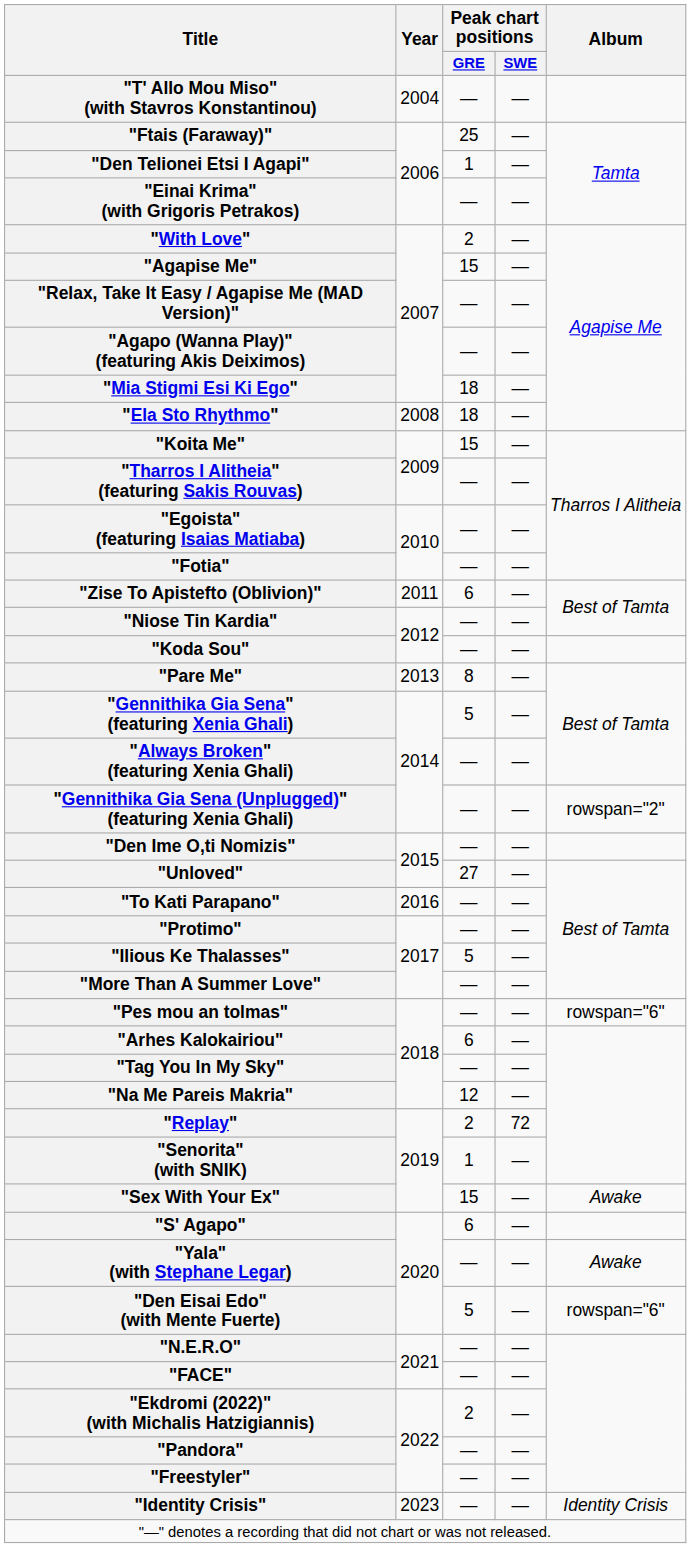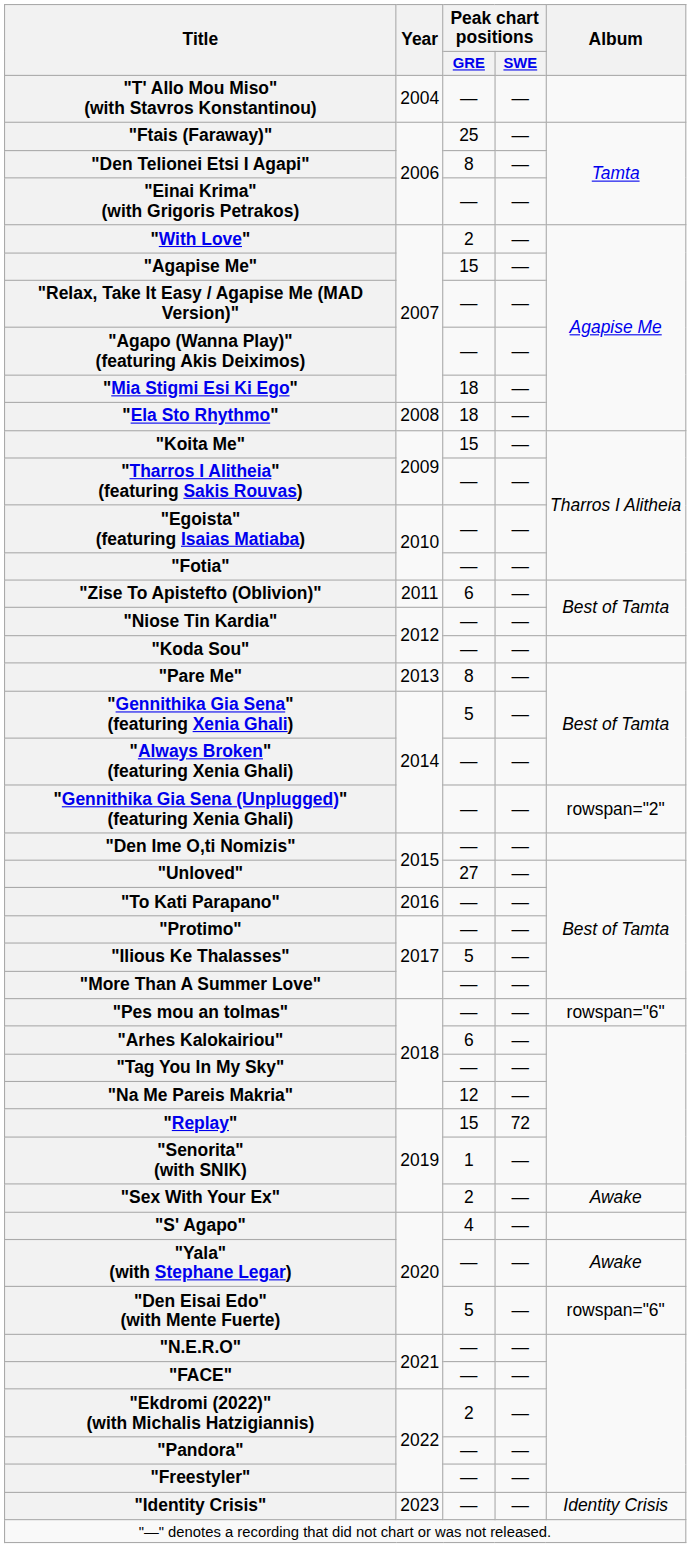 <table class="wikitable plainrowheaders" style="text-align:center">
 <tr>
 <th scope="col" rowspan="2" scope="col" style="width:22em;">Title</th>
 <th scope="col" rowspan="2" style="width:1em;">Year</th>
 <th scope="col" colspan="2">Peak chart positions</th>
 <th scope="col" rowspan="2">Album</th>
 </tr>
 <tr>
 <th scope="col" style="width:3em;font-size:85%;"><a href='#'>GRE</a><br></th>
 <th scope="col" style="width:3em;font-size:85%;"><a href='#'>SWE</a><br></th>
 </tr>
 <tr>
 <th scope="row">"T' Allo Mou Miso"<br><span>(with Stavros Konstantinou)</span></th>
 <td>2004</td>
 <td>—</td>
 <td>—</td>
 <td></td>
 </tr>
 <tr>
 <th scope="row">"Ftais (Faraway)"</th>
 <td rowspan="3">2006</td>
 <td>25</td>
 <td>—</td>
 <td rowspan="3"><em><a href='#'>Tamta</a></em></td>
 </tr>
 <tr>
 <th scope="row">"Den Telionei Etsi I Agapi"</th>
-<td>1</td>
+<td>8</td>
 <td>—</td>
 </tr>
 <tr>
 <th scope="row">"Einai Krima"<br><span>(with Grigoris Petrakos)</span></th>
 <td>—</td>
 <td>—</td>
 </tr>
 <tr>
 <th scope="row">"<a href='#'>With Love</a>"</th>
 <td rowspan="5">2007</td>
 <td>2</td>
 <td>—</td>
 <td rowspan="6"><em><a href='#'>Agapise Me</a></em></td>
 </tr>
 <tr>
 <th scope="row">"Agapise Me"</th>
 <td>15</td>
 <td>—</td>
 </tr>
 <tr>
 <th scope="row">"Relax, Take It Easy / Agapise Me (MAD Version)"</th>
 <td>—</td>
 <td>—</td>
 </tr>
 <tr>
 <th scope="row">"Agapo (Wanna Play)"<br><span>(featuring Akis Deiximos)</span></th>
 <td>—</td>
 <td>—</td>
 </tr>
 <tr>
 <th scope="row">"<a href='#'>Mia Stigmi Esi Ki Ego</a>"</th>
 <td>18</td>
 <td>—</td>
 </tr>
 <tr>
 <th scope="row">"<a href='#'>Ela Sto Rhythmo</a>"</th>
 <td>2008</td>
 <td>18</td>
 <td>—</td>
 </tr>
 <tr>
 <th scope="row">"Koita Me"</th>
 <td rowspan="2">2009</td>
 <td>15</td>
 <td>—</td>
 <td rowspan="4"><em>Tharros I Alitheia</em></td>
 </tr>
 <tr>
 <th scope="row">"<a href='#'>Tharros I Alitheia</a>"<br><span>(featuring <a href='#'>Sakis Rouvas</a>)</span></th>
 <td>—</td>
 <td>—</td>
 </tr>
 <tr>
 <th scope="row">"Egoista"<br><span>(featuring <a href='#'>Isaias Matiaba</a>)</span></th>
 <td rowspan="2">2010</td>
 <td>—</td>
 <td>—</td>
 </tr>
 <tr>
 <th scope="row">"Fotia"</th>
 <td>—</td>
 <td>—</td>
 </tr>
 <tr>
 <th scope="row">"Zise To Apistefto (Oblivion)"</th>
 <td>2011</td>
 <td>6</td>
 <td>—</td>
 <td rowspan="2"><em>Best of Tamta</em></td>
 </tr>
 <tr>
 <th scope="row">"Niose Tin Kardia"</th>
 <td rowspan="2">2012</td>
 <td>—</td>
 <td>—</td>
 </tr>
 <tr>
 <th scope="row">"Koda Sou"</th>
 <td>—</td>
 <td>—</td>
 <td></td>
 </tr>
 <tr>
 <th scope="row">"Pare Me"</th>
 <td>2013</td>
 <td>8</td>
 <td>—</td>
 <td rowspan="3"><em>Best of Tamta</em></td>
 </tr>
 <tr>
 <th scope="row">"<a href='#'>Gennithika Gia Sena</a>"<br><span>(featuring <a href='#'>Xenia Ghali</a>)</span></th>
 <td rowspan="3">2014</td>
 <td>5</td>
 <td>—</td>
 </tr>
 <tr>
 <th scope="row">"<a href='#'>Always Broken</a>"<br><span>(featuring Xenia Ghali)</span></th>
 <td>—</td>
 <td>—</td>
 </tr>
 <tr>
 <th scope="row">"<a href='#'>Gennithika Gia Sena (Unplugged)</a>"<br><span>(featuring Xenia Ghali)</span></th>
 <td>—</td>
 <td>—</td>
 <td>rowspan="2" </td>
 </tr>
 <tr>
 <th scope="row">"Den Ime O,ti Nomizis"</th>
 <td rowspan="2">2015</td>
 <td>—</td>
 <td>—</td>
 </tr>
 <tr>
 <th scope="row">"Unloved"</th>
 <td>27</td>
 <td>—</td>
 <td rowspan="5"><em>Best of Tamta</em></td>
 </tr>
 <tr>
 <th scope="row">"To Kati Parapano"</th>
 <td>2016</td>
 <td>—</td>
 <td>—</td>
 </tr>
 <tr>
 <th scope="row">"Protimo"</th>
 <td rowspan="3">2017</td>
 <td>—</td>
 <td>—</td>
 </tr>
 <tr>
 <th scope="row">"Ilious Ke Thalasses"</th>
 <td>5</td>
 <td>—</td>
 </tr>
 <tr>
 <th scope="row">"More Than A Summer Love"</th>
 <td>—</td>
 <td>—</td>
 </tr>
 <tr>
 <th scope="row">"Pes mou an tolmas"</th>
 <td rowspan="4">2018</td>
 <td>—</td>
 <td>—</td>
 <td>rowspan="6" </td>
 </tr>
 <tr>
 <th scope="row">"Arhes Kalokairiou"</th>
 <td>6</td>
 <td>—</td>
 </tr>
 <tr>
 <th scope="row">"Tag You In My Sky"</th>
 <td>—</td>
 <td>—</td>
 </tr>
 <tr>
 <th scope="row">"Na Me Pareis Makria"</th>
 <td>12</td>
 <td>—</td>
 </tr>
 <tr>
 <th scope="row">"<a href='#'>Replay</a>"</th>
 <td rowspan="3">2019</td>
-<td>2</td>
+<td>15</td>
 <td>72<br></td>
 </tr>
 <tr>
 <th scope="row">"Senorita"<br><span>(with SNIK)</span></th>
 <td>1</td>
 <td>—</td>
 </tr>
 <tr>
 <th scope="row">"Sex With Your Ex"</th>
-<td>15</td>
+<td>2</td>
 <td>—</td>
 <td><em>Awake</em></td>
 </tr>
 <tr>
 <th scope="row">"S' Agapo"</th>
 <td rowspan="3">2020</td>
-<td>6</td>
+<td>4</td>
 <td>—</td>
 <td></td>
 </tr>
 <tr>
 <th scope="row">"Yala"<br><span>(with <a href='#'>Stephane Legar</a>)</span></th>
 <td>—</td>
 <td>—</td>
 <td><em>Awake</em></td>
 </tr>
 <tr>
 <th scope="row">"Den Eisai Edo"<br><span>(with Mente Fuerte)</span></th>
 <td>5</td>
 <td>—</td>
 <td>rowspan="6" </td>
 </tr>
 <tr>
 <th scope="row">"N.E.R.O"</th>
 <td rowspan="2">2021</td>
 <td>—</td>
 <td>—</td>
 </tr>
 <tr>
 <th scope="row">"FACE"</th>
 <td>—</td>
 <td>—</td>
 </tr>
 <tr>
 <th scope="row">"Ekdromi (2022)"<br><span>(with Michalis Hatzigiannis)</span></th>
 <td rowspan="3">2022</td>
 <td>2</td>
 <td>—</td>
 </tr>
 <tr>
 <th scope="row">"Pandora"</th>
 <td>—</td>
 <td>—</td>
 </tr>
 <tr>
 <th scope="row">"Freestyler"</th>
 <td>—</td>
 <td>—</td>
 </tr>
 <tr>
 <th scope="row">"Identity Crisis"</th>
 <td>2023</td>
 <td>—</td>
 <td>—</td>
 <td><em>Identity Crisis</em></td>
 </tr>
 <tr>
 <td style="font-size:85%" colspan=13>"—" denotes a recording that did not chart or was not released.</td>
 </tr>
 </table>
